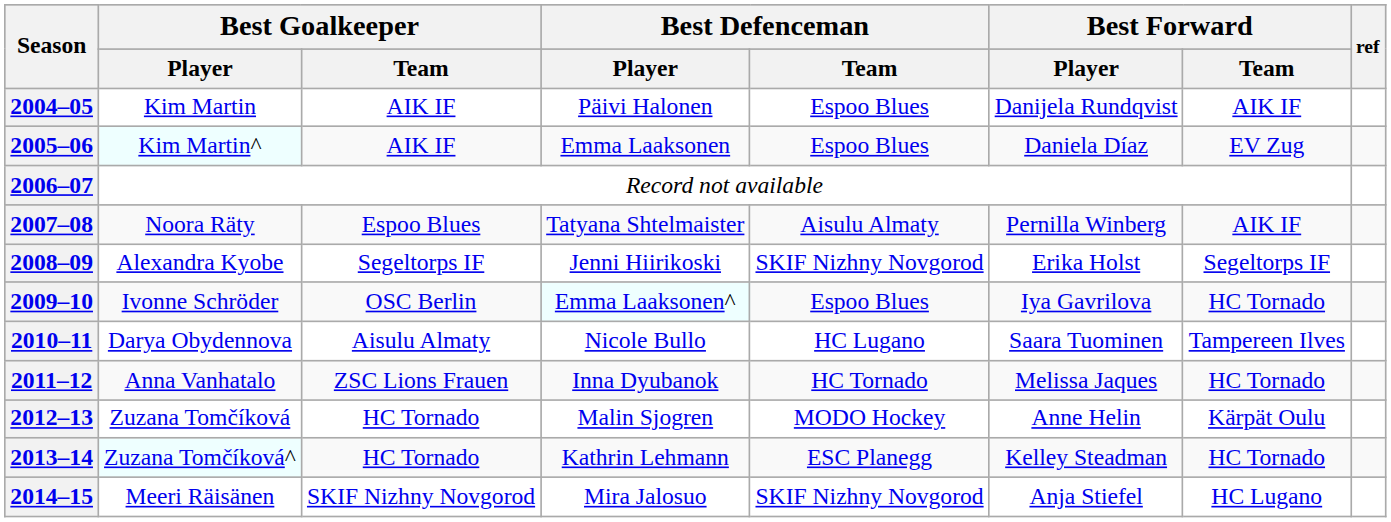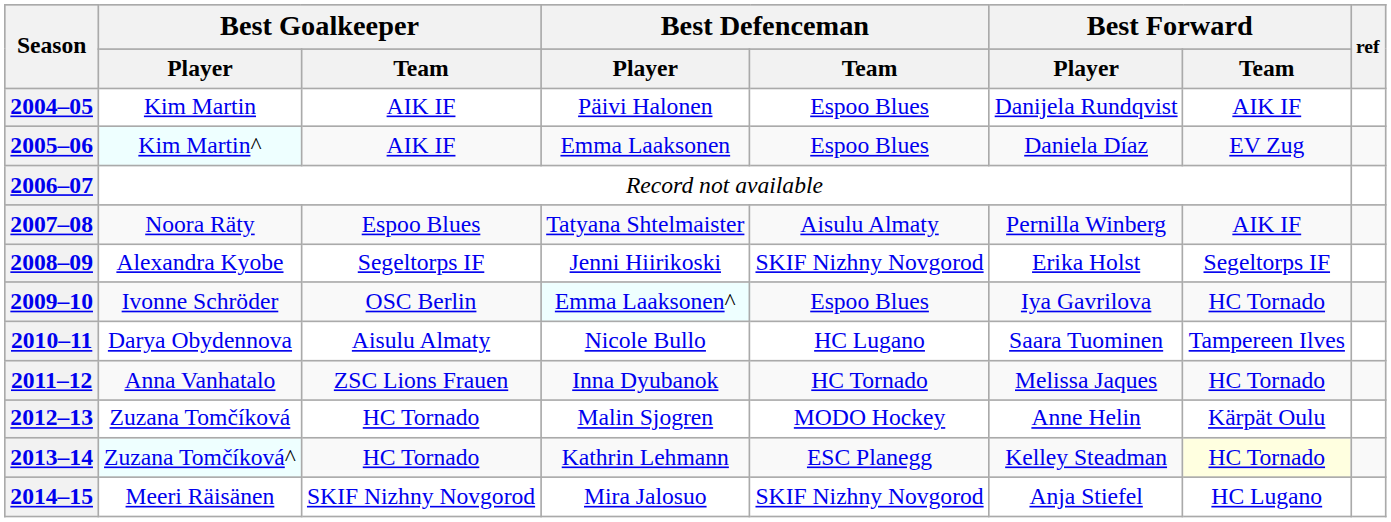 <table class="wikitable" style="text-align: center; font-size: 90%">
 <tr bgcolor="#e0e0e0">
 <th rowspan="2">Season</th>
 <th colspan="2"><big>Best Goalkeeper</big></th>
 <th colspan="2"><big>Best Defenceman</big></th>
 <th colspan="2"><big>Best Forward</big></th>
 <th rowspan="2"><small>ref</small></th>
 </tr>
 <tr bgcolor="#e0e0e0">
 <th>Player</th>
 <th>Team</th>
 <th>Player</th>
 <th>Team</th>
 <th>Player</th>
 <th>Team</th>
 </tr>
 <tr bgcolor="#ffffff">
 <th><a href='#'>2004–05</a></th>
 <td><a href='#'>Kim Martin</a></td>
 <td> <a href='#'>AIK IF</a></td>
 <td><a href='#'>Päivi Halonen</a></td>
 <td> <a href='#'>Espoo Blues</a></td>
 <td><a href='#'>Danijela Rundqvist</a></td>
 <td> <a href='#'>AIK IF</a></td>
 <td></td>
 </tr>
 <tr>
 <th><a href='#'>2005–06</a></th>
 <td bgcolor="#eeffff"><a href='#'>Kim Martin</a>^</td>
 <td> <a href='#'>AIK IF</a></td>
 <td><a href='#'>Emma Laaksonen</a></td>
 <td> <a href='#'>Espoo Blues</a></td>
 <td><a href='#'>Daniela Díaz</a></td>
 <td> <a href='#'>EV Zug</a></td>
 <td></td>
 </tr>
 <tr bgcolor="#ffffff">
 <th><a href='#'>2006–07</a></th>
 <td colspan="6"><em>Record not available</em></td>
 <td></td>
 </tr>
 <tr>
 <th><a href='#'>2007–08</a></th>
 <td><a href='#'>Noora Räty</a></td>
 <td> <a href='#'>Espoo Blues</a></td>
 <td><a href='#'>Tatyana Shtelmaister</a></td>
 <td> <a href='#'>Aisulu Almaty</a></td>
 <td><a href='#'>Pernilla Winberg</a></td>
 <td> <a href='#'>AIK IF</a></td>
 <td></td>
 </tr>
 <tr bgcolor="#ffffff">
 <th><a href='#'>2008–09</a></th>
 <td><a href='#'>Alexandra Kyobe</a></td>
 <td> <a href='#'>Segeltorps IF</a></td>
 <td><a href='#'>Jenni Hiirikoski</a></td>
 <td> <a href='#'>SKIF Nizhny Novgorod</a></td>
 <td><a href='#'>Erika Holst</a></td>
 <td> <a href='#'>Segeltorps IF</a></td>
 <td></td>
 </tr>
 <tr>
 <th><a href='#'>2009–10</a></th>
 <td><a href='#'>Ivonne Schröder</a></td>
 <td> <a href='#'>OSC Berlin</a></td>
 <td bgcolor="#eeffff"><a href='#'>Emma Laaksonen</a>^</td>
 <td> <a href='#'>Espoo Blues</a></td>
 <td><a href='#'>Iya Gavrilova</a></td>
 <td> <a href='#'>HC Tornado</a></td>
 <td></td>
 </tr>
 <tr bgcolor="#ffffff">
 <th><a href='#'>2010–11</a></th>
 <td><a href='#'>Darya Obydennova</a></td>
 <td> <a href='#'>Aisulu Almaty</a></td>
 <td><a href='#'>Nicole Bullo</a></td>
 <td> <a href='#'>HC Lugano</a></td>
 <td><a href='#'>Saara Tuominen</a></td>
 <td> <a href='#'>Tampereen Ilves</a></td>
 <td></td>
 </tr>
 <tr>
 <th><a href='#'>2011–12</a></th>
 <td><a href='#'>Anna Vanhatalo</a></td>
 <td> <a href='#'>ZSC Lions Frauen</a></td>
 <td><a href='#'>Inna Dyubanok</a></td>
 <td> <a href='#'>HC Tornado</a></td>
 <td><a href='#'>Melissa Jaques</a></td>
 <td> <a href='#'>HC Tornado</a></td>
 <td></td>
 </tr>
 <tr bgcolor="#ffffff">
 <th><a href='#'>2012–13</a></th>
 <td><a href='#'>Zuzana Tomčíková</a></td>
 <td> <a href='#'>HC Tornado</a></td>
 <td><a href='#'>Malin Sjogren</a></td>
 <td> <a href='#'>MODO Hockey</a></td>
 <td><a href='#'>Anne Helin</a></td>
 <td> <a href='#'>Kärpät Oulu</a></td>
 <td></td>
 </tr>
 <tr>
 <th><a href='#'>2013–14</a></th>
 <td bgcolor="#eeffff"><a href='#'>Zuzana Tomčíková</a>^</td>
 <td> <a href='#'>HC Tornado</a></td>
 <td><a href='#'>Kathrin Lehmann</a></td>
 <td> <a href='#'>ESC Planegg</a></td>
 <td><a href='#'>Kelley Steadman</a></td>
-<td> <a href='#'>HC Tornado</a></td>
+<td style="background: lightyellow;"> <a href='#'>HC Tornado</a></td>
 <td></td>
 </tr>
 <tr bgcolor="#ffffff">
 <th><a href='#'>2014–15</a></th>
 <td><a href='#'>Meeri Räisänen</a></td>
 <td> <a href='#'>SKIF Nizhny Novgorod</a></td>
 <td><a href='#'>Mira Jalosuo</a></td>
 <td> <a href='#'>SKIF Nizhny Novgorod</a></td>
 <td><a href='#'>Anja Stiefel</a></td>
 <td> <a href='#'>HC Lugano</a></td>
 <td></td>
 </tr>
 </table>
